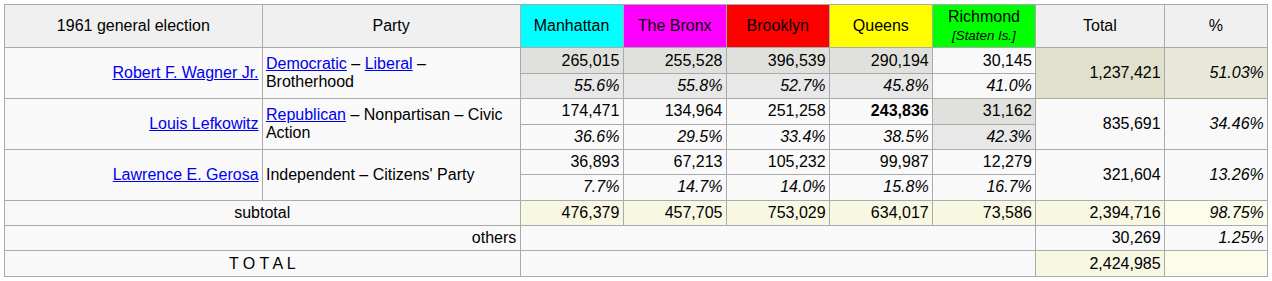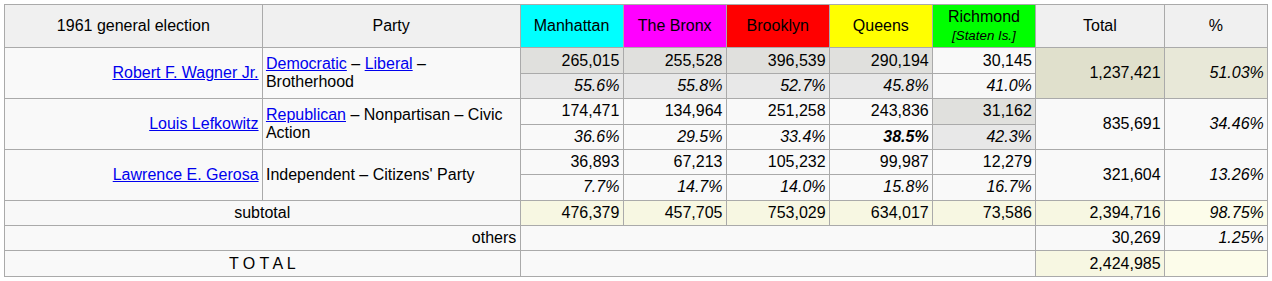 <table class="wikitable" style="width:100%; text-align:right;">
 <tr style="text-align:center;">
 <td style="width:20%; background:#f0f0f0;">1961 general election</td>
 <td style="width:20%; background:#f0f0f0;">Party</td>
 <td style="width:8%; background:aqua;">Manhattan</td>
 <td style="width:8%; background:magenta;">The Bronx</td>
 <td style="width:8%; background:red;">Brooklyn</td>
 <td style="width:8%; background:yellow;">Queens</td>
 <td style="width:8%; background:lime;">Richmond <small><em>[Staten Is.]</em></small></td>
 <td style="width:10%; background:#f0f0f0;">Total</td>
 <td style="width:8%; background:#f0f0f0;">%</td>
 </tr>
 <tr>
 <td rowspan="2"><a href='#'>Robert F. Wagner Jr.</a></td>
 <td rowspan="2" style="text-align:left"><a href='#'>Democratic</a> – <a href='#'>Liberal</a> – Brotherhood</td>
 <td style="background:#e0e0dd;">265,015</td>
 <td style="background:#e0e0dd;">255,528</td>
 <td style="background:#e0e0dd;">396,539</td>
 <td style="background:#e0e0dd;">290,194</td>
 <td>30,145</td>
 <td rowspan="2" style="background:#e0e0cc;">1,237,421</td>
 <td rowspan="2" style="background:#e8e8d8;"><em>51.03%</em></td>
 </tr>
 <tr style="background:#e8e8e8;">
 <td><em>55.6%</em></td>
 <td><em>55.8%</em></td>
 <td><em>52.7%</em></td>
 <td><em>45.8%</em></td>
 <td bgcolor=f8f8f8><em>41.0%</em></td>
 </tr>
 <tr>
 <td rowspan="2"><a href='#'>Louis Lefkowitz</a></td>
 <td rowspan="2" style="text-align:left"><a href='#'>Republican</a> – Nonpartisan – Civic Action</td>
 <td>174,471</td>
 <td>134,964</td>
 <td>251,258</td>
-<td><strong>243,836</strong></td>
+<td>243,836</td>
 <td style="background:#e0e0dd;">31,162</td>
 <td rowspan="2">835,691</td>
 <td rowspan="2"><em>34.46%</em></td>
 </tr>
 <tr>
 <td><em>36.6%</em></td>
 <td><em>29.5%</em></td>
 <td><em>33.4%</em></td>
-<td><em>38.5%</em></td>
+<td><strong><em>38.5%</em></strong></td>
 <td bgcolor=e8e8e8><em>42.3%</em></td>
 </tr>
 <tr>
 <td rowspan="2"><a href='#'>Lawrence E. Gerosa</a></td>
 <td rowspan="2" style="text-align:left">Independent – Citizens' Party</td>
 <td>36,893</td>
 <td>67,213</td>
 <td>105,232</td>
 <td>99,987</td>
 <td>12,279</td>
 <td rowspan="2">321,604</td>
 <td rowspan="2"><em>13.26%</em></td>
 </tr>
 <tr>
 <td><em>7.7%</em></td>
 <td><em>14.7%</em></td>
 <td><em>14.0%</em></td>
 <td><em>15.8%</em></td>
 <td><em>16.7%</em></td>
 </tr>
 <tr style="background:#f7f7e2;">
 <td colspan="2" style="background:#f8f8f8; text-align:center;">subtotal</td>
 <td>476,379</td>
 <td>457,705</td>
 <td>753,029</td>
 <td>634,017</td>
 <td>73,586</td>
 <td>2,394,716</td>
 <td bgcolor=fcfcea><em>98.75%</em></td>
 </tr>
 <tr>
 <td colspan="2">others</td>
 <td colspan="5"> </td>
 <td>30,269</td>
 <td><em>1.25%</em></td>
 </tr>
 <tr>
 <td colspan="2" style="text-align:center;">T O T A L</td>
 <td colspan="5"> </td>
 <td bgcolor=f7f7e2>2,424,985</td>
 <td bgcolor=fcfcea> </td>
 </tr>
 </table>
